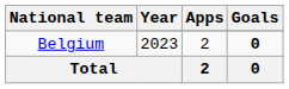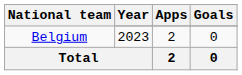 <table class="wikitable" style="text-align:center">
 <tr>
 <th>National team</th>
 <th>Year</th>
 <th>Apps</th>
 <th>Goals</th>
 </tr>
 <tr>
 <td rowspan="2"><a href='#'>Belgium</a></td>
 </tr>
 <tr>
 <td>2023</td>
 <td>2</td>
-<td><strong>0</strong></td>
+<td>0</td>
 </tr>
 <tr>
 <th colspan="2">Total</th>
 <th>2</th>
 <th>0</th>
 </tr>
 </table>
